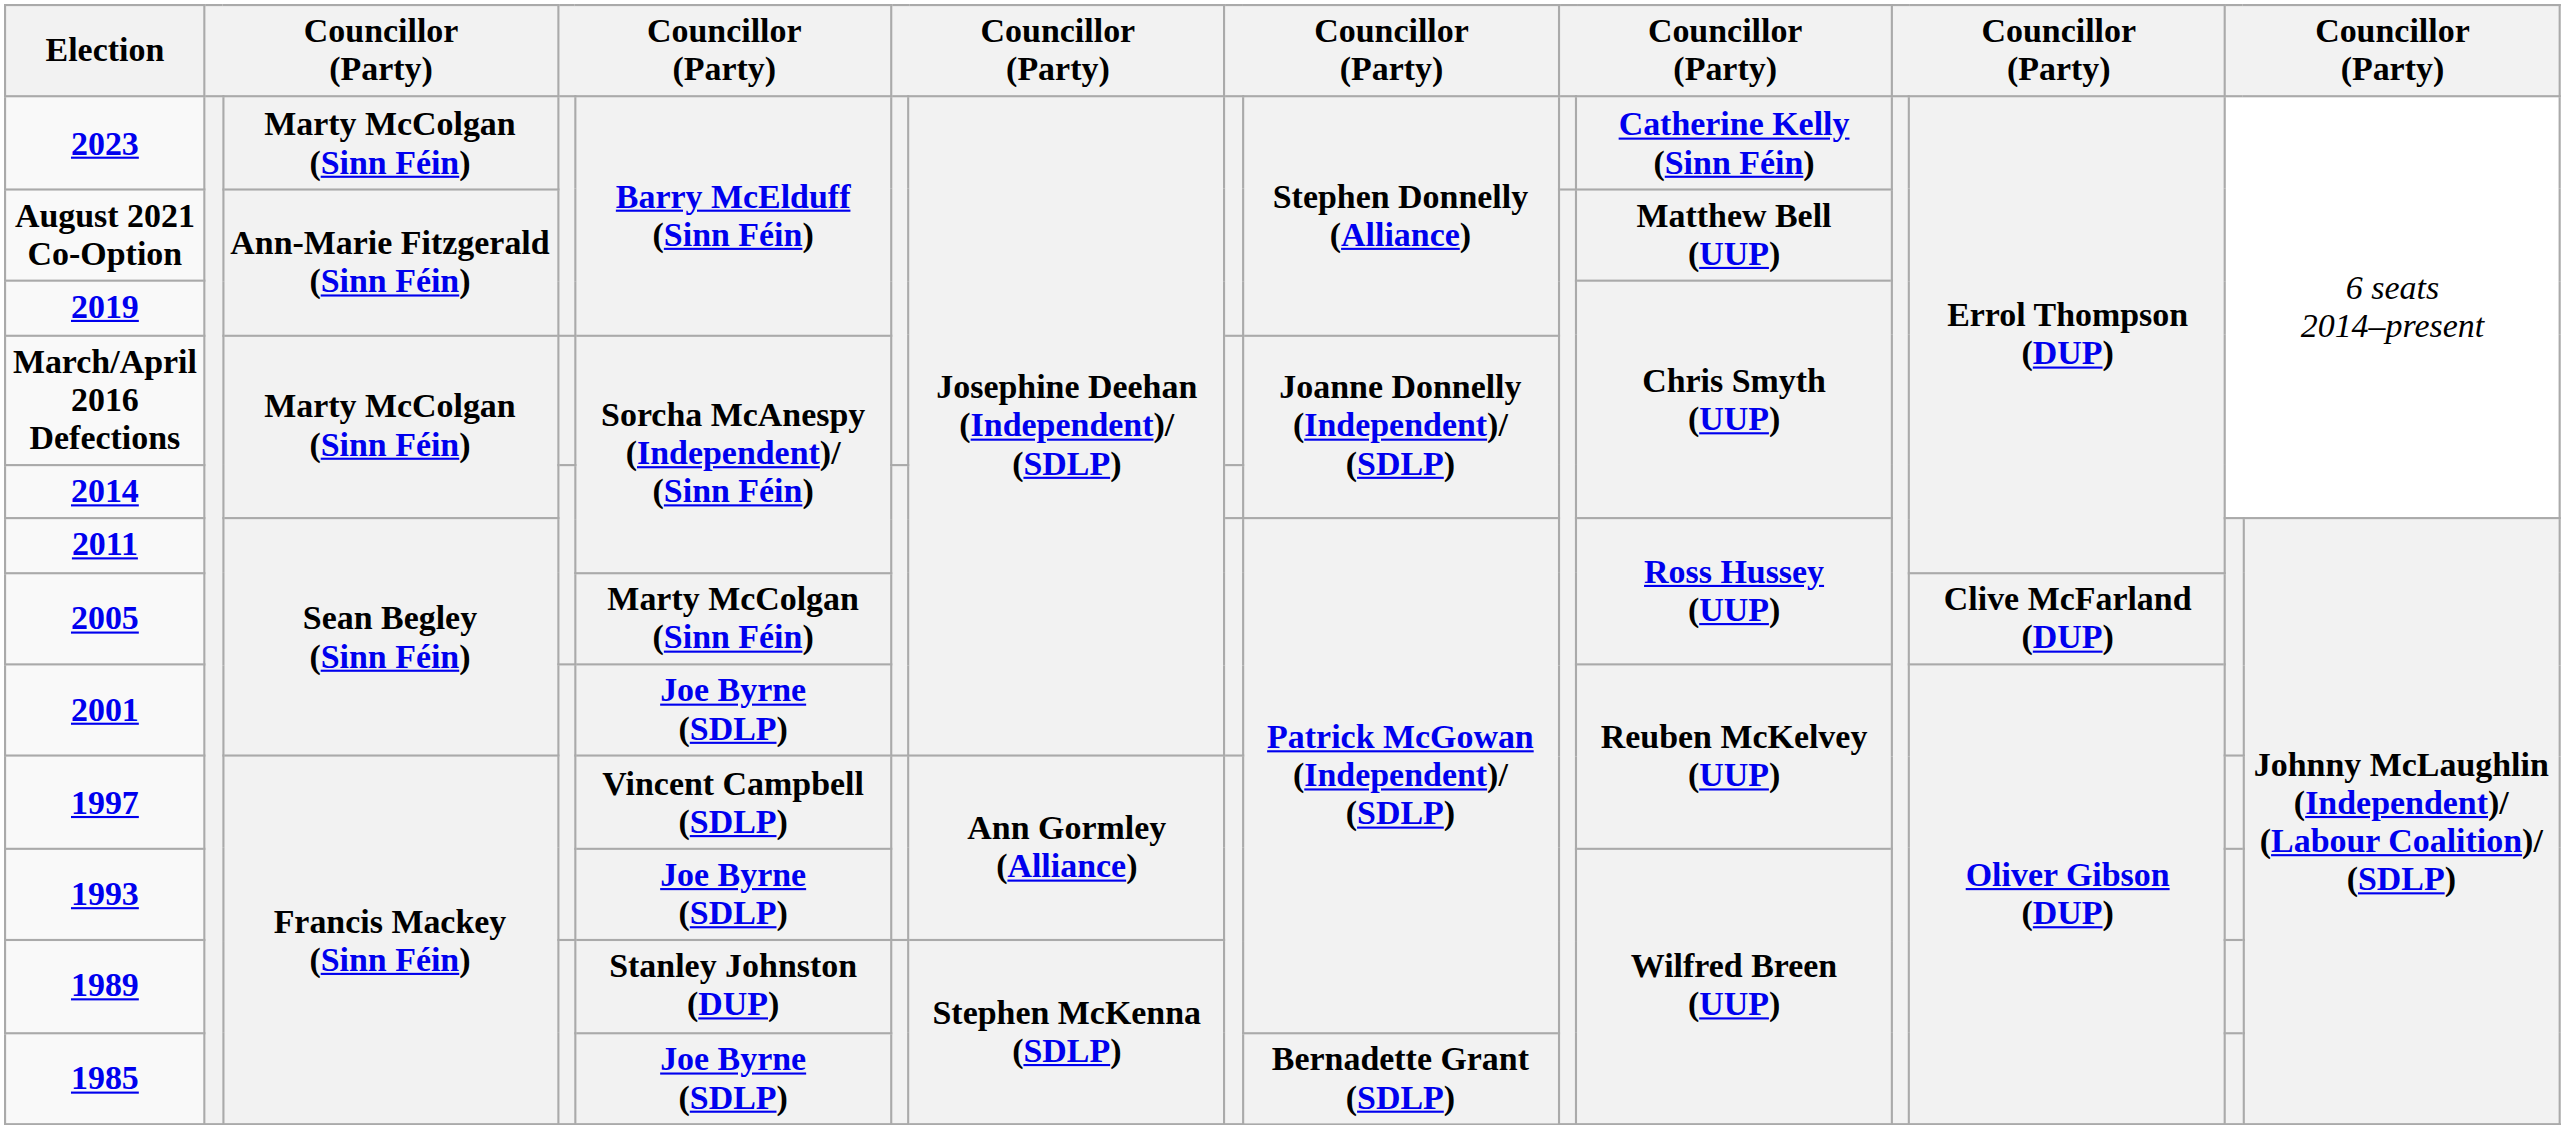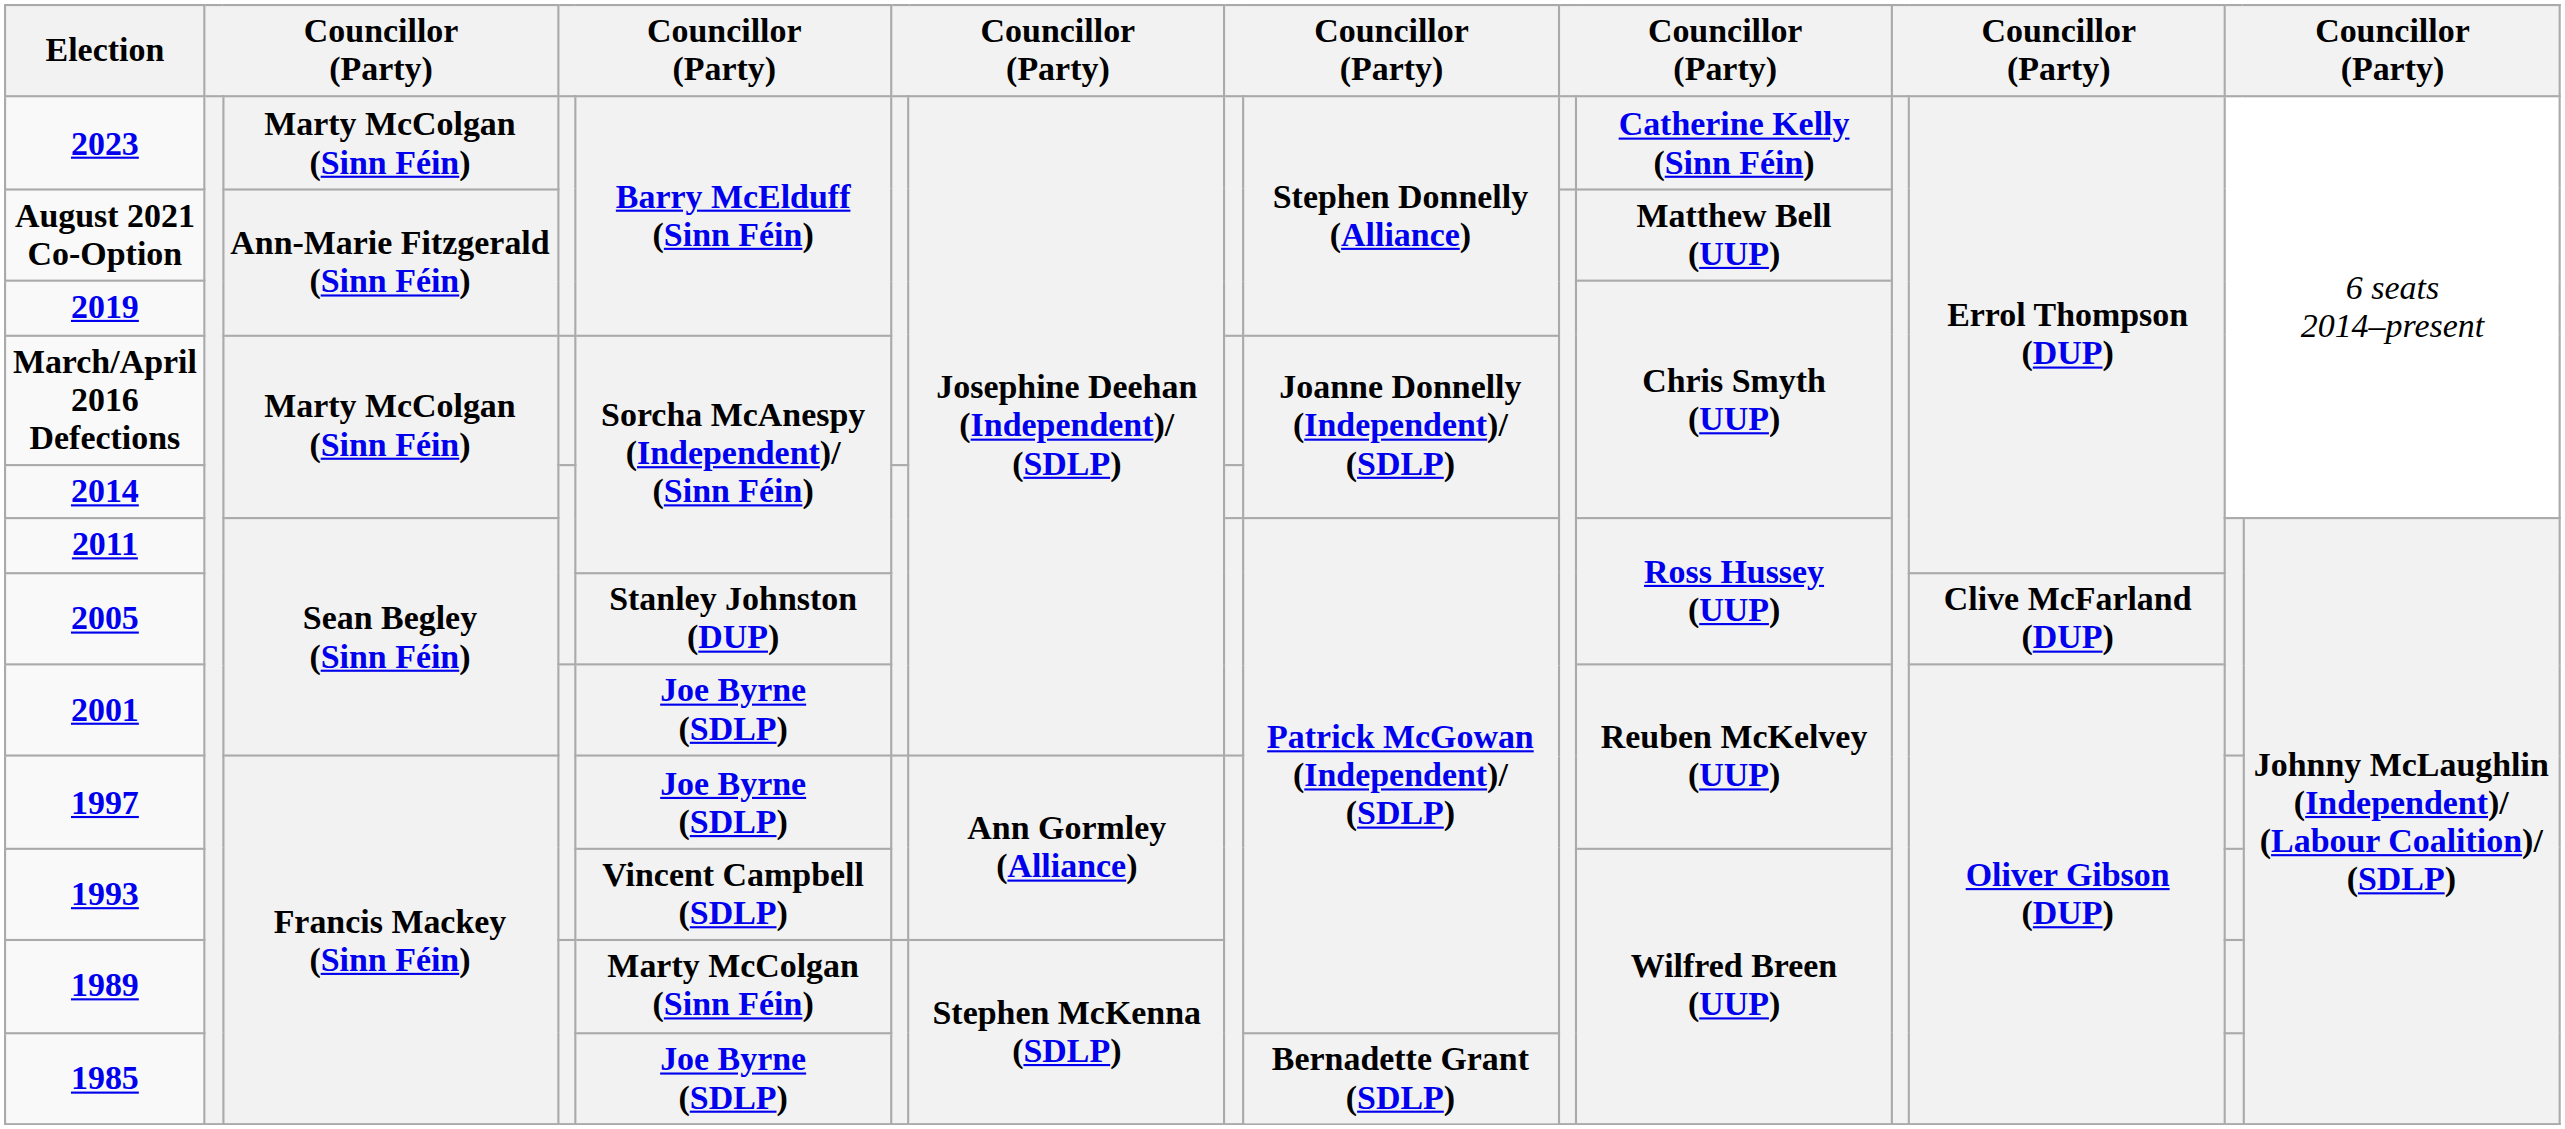 <table class="wikitable" style="text-align:center">
 <tr>
 <th scope="col" width="50">Election</th>
 <th scope="col" width="150" colspan = "2">Councillor<br> (Party)</th>
 <th scope="col" width="150" colspan = "2">Councillor<br> (Party)</th>
 <th scope="col" width="150" colspan = "2">Councillor<br> (Party)</th>
 <th scope="col" width="150" colspan = "2">Councillor<br> (Party)</th>
 <th scope="col" width="150" colspan = "2">Councillor<br> (Party)</th>
 <th scope="col" width="150" colspan = "2">Councillor<br> (Party)</th>
 <th scope="col" width="150" colspan = "2">Councillor<br> (Party)</th>
 </tr>
 <tr>
 <td><strong><a href='#'>2023</a></strong></td>
 <th rowspan="12" width="1" style="background-color: "></th>
 <th rowspan = "1">Marty McColgan <br> (<a href='#'>Sinn Féin</a>)</th>
 <th rowspan="3" width="1" style="background-color: "></th>
 <th rowspan = "3"><a href='#'>Barry McElduff</a> <br> (<a href='#'>Sinn Féin</a>)</th>
 <th rowspan="4" width="1" style="background-color: "></th>
 <th rowspan = "8">Josephine Deehan <br> (<a href='#'>Independent</a>)/ <br> (<a href='#'>SDLP</a>)</th>
 <th rowspan="3" width="1" style="background-color: "></th>
 <th rowspan = "3">Stephen Donnelly <br> (<a href='#'>Alliance</a>)</th>
 <th rowspan="1" width="1" style="background-color: "></th>
 <th rowspan = "1"><a href='#'>Catherine Kelly</a> <br> (<a href='#'>Sinn Féin</a>)</th>
 <th rowspan="12" width="1" style="background-color: "></th>
 <th rowspan = "6">Errol Thompson <br> (<a href='#'>DUP</a>)</th>
 <td colspan="2" rowspan="5" style="background-color:#FFFFFF"><em>6 seats<br>2014–present</em></td>
 </tr>
 <tr>
 <td><strong>August 2021 Co-Option</strong></td>
 <th rowspan = "2">Ann-Marie Fitzgerald <br> (<a href='#'>Sinn Féin</a>)</th>
 <th rowspan="11" width="1" style="background-color: "></th>
 <th rowspan = "1">Matthew Bell <br> (<a href='#'>UUP</a>)</th>
 </tr>
 <tr>
 <td><strong><a href='#'>2019</a></strong></td>
 <th rowspan = "3">Chris Smyth <br> (<a href='#'>UUP</a>)</th>
 </tr>
 <tr>
 <td><strong>March/April 2016 Defections</strong></td>
 <th rowspan = "2">Marty McColgan <br> (<a href='#'>Sinn Féin</a>)</th>
 <th rowspan="1" width="1" style="background-color: "></th>
 <th rowspan = "3">Sorcha McAnespy <br> (<a href='#'>Independent</a>)/ <br> (<a href='#'>Sinn Féin</a>)</th>
 <th rowspan="1" width="1" style="background-color: "></th>
 <th rowspan = "2">Joanne Donnelly <br> (<a href='#'>Independent</a>)/ <br> (<a href='#'>SDLP</a>)</th>
 </tr>
 <tr>
 <td><strong><a href='#'>2014</a></strong></td>
 <th rowspan="3" width="1" style="background-color: "></th>
 <th rowspan="4" width="1" style="background-color: "></th>
 <th rowspan="1" width="1" style="background-color: "></th>
 </tr>
 <tr>
 <td><strong><a href='#'>2011</a></strong></td>
 <th rowspan = "3">Sean Begley <br> (<a href='#'>Sinn Féin</a>)</th>
 <th rowspan="3" width="1" style="background-color: "></th>
 <th rowspan = "6"><a href='#'>Patrick McGowan</a> <br> (<a href='#'>Independent</a>)/ <br> (<a href='#'>SDLP</a>)</th>
 <th rowspan = "2"><a href='#'>Ross Hussey</a> <br> (<a href='#'>UUP</a>)</th>
 <th rowspan="3" width="1" style="background-color: "></th>
 <th rowspan = "7">Johnny McLaughlin <br> (<a href='#'>Independent</a>)/ <br> (<a href='#'>Labour Coalition</a>)/ <br> (<a href='#'>SDLP</a>)</th>
 </tr>
 <tr>
 <td><strong><a href='#'>2005</a></strong></td>
-<th rowspan = "1">Marty McColgan <br> (<a href='#'>Sinn Féin</a>)</th>
+<th rowspan = "1">Stanley Johnston <br> (<a href='#'>DUP</a>)</th>
 <th rowspan = "1">Clive McFarland <br> (<a href='#'>DUP</a>)</th>
 </tr>
 <tr>
 <td><strong><a href='#'>2001</a></strong></td>
 <th rowspan="3" width="1" style="background-color: "></th>
 <th rowspan = "1"><a href='#'>Joe Byrne</a> <br> (<a href='#'>SDLP</a>)</th>
 <th rowspan = "2">Reuben McKelvey <br> (<a href='#'>UUP</a>)</th>
 <th rowspan = "5"><a href='#'>Oliver Gibson</a> <br> (<a href='#'>DUP</a>)</th>
 </tr>
 <tr>
 <td><strong><a href='#'>1997</a></strong></td>
 <th rowspan = "4">Francis Mackey <br> (<a href='#'>Sinn Féin</a>)</th>
-<th rowspan = "1">Vincent Campbell <br> (<a href='#'>SDLP</a>)</th>
+<th rowspan = "1"><a href='#'>Joe Byrne</a> <br> (<a href='#'>SDLP</a>)</th>
 <th rowspan="2" width="1" style="background-color: "></th>
 <th rowspan = "2">Ann Gormley <br> (<a href='#'>Alliance</a>)</th>
 <th rowspan="4" width="1" style="background-color: "></th>
 <th rowspan="1" width="1" style="background-color: "></th>
 </tr>
 <tr>
 <td><strong><a href='#'>1993</a></strong></td>
-<th rowspan = "1"><a href='#'>Joe Byrne</a> <br> (<a href='#'>SDLP</a>)</th>
+<th rowspan = "1">Vincent Campbell <br> (<a href='#'>SDLP</a>)</th>
 <th rowspan = "3">Wilfred Breen <br> (<a href='#'>UUP</a>)</th>
 <th rowspan="1" width="1" style="background-color: "></th>
 </tr>
 <tr>
 <td><strong><a href='#'>1989</a></strong></td>
 <th rowspan="2" width="1" style="background-color: "></th>
-<th rowspan = "1">Stanley Johnston <br> (<a href='#'>DUP</a>)</th>
+<th rowspan = "1">Marty McColgan <br> (<a href='#'>Sinn Féin</a>)</th>
 <th rowspan="2" width="1" style="background-color: "></th>
 <th rowspan = "2">Stephen McKenna <br> (<a href='#'>SDLP</a>)</th>
 <th rowspan="1" width="1" style="background-color: "></th>
 </tr>
 <tr>
 <td><strong><a href='#'>1985</a></strong></td>
 <th rowspan = "1"><a href='#'>Joe Byrne</a> <br> (<a href='#'>SDLP</a>)</th>
 <th rowspan = "2">Bernadette Grant <br> (<a href='#'>SDLP</a>)</th>
 <th rowspan="1" width="1" style="background-color: "></th>
 </tr>
 <tr>
 </tr>
 </table>
